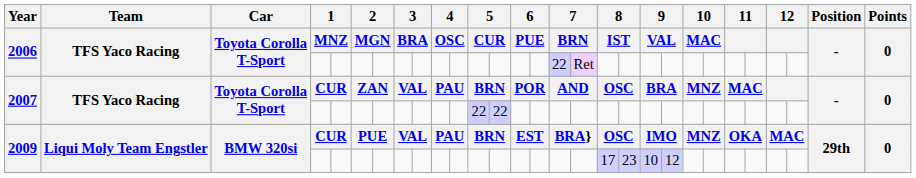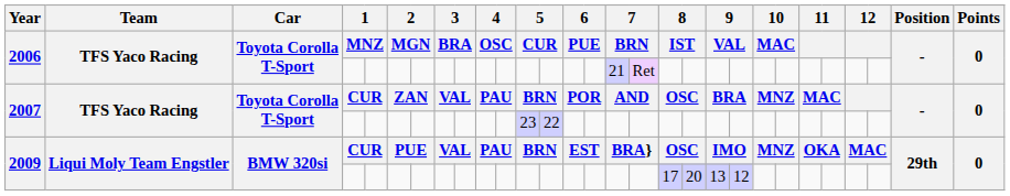 <table class="wikitable" style="text-align:center; font-size:85%">
 <tr>
 <th>Year</th>
 <th>Team</th>
 <th>Car</th>
 <th colspan=2>1</th>
 <th colspan=2>2</th>
 <th colspan=2>3</th>
 <th colspan=2>4</th>
 <th colspan=2>5</th>
 <th colspan=2>6</th>
 <th colspan=2>7</th>
 <th colspan=2>8</th>
 <th colspan=2>9</th>
 <th colspan=2>10</th>
 <th colspan=2>11</th>
 <th colspan=2>12</th>
 <th>Position</th>
 <th>Points</th>
 </tr>
 <tr>
 <th rowspan=2><a href='#'>2006</a></th>
 <th rowspan=2>TFS Yaco Racing</th>
 <th rowspan=2><a href='#'>Toyota Corolla<br>T-Sport</a></th>
 <th colspan=2><a href='#'>MNZ</a></th>
 <th colspan=2><a href='#'>MGN</a></th>
 <th colspan=2><a href='#'>BRA</a></th>
 <th colspan=2><a href='#'>OSC</a></th>
 <th colspan=2><a href='#'>CUR</a></th>
 <th colspan=2><a href='#'>PUE</a></th>
 <th colspan=2><a href='#'>BRN</a></th>
 <th colspan=2><a href='#'>IST</a></th>
 <th colspan=2><a href='#'>VAL</a></th>
 <th colspan=2><a href='#'>MAC</a></th>
 <th colspan=2></th>
 <th colspan=2></th>
 <th rowspan=2>-</th>
 <th rowspan=2>0</th>
 </tr>
 <tr>
 <td></td>
 <td></td>
 <td></td>
 <td></td>
 <td></td>
 <td></td>
 <td></td>
 <td></td>
 <td></td>
 <td></td>
 <td></td>
 <td></td>
-<td style="background:#cfcfff;">22</td>
+<td style="background:#cfcfff;">21</td>
 <td style="background:#efcfff;">Ret</td>
 <td></td>
 <td></td>
 <td></td>
 <td></td>
 <td></td>
 <td></td>
 <td></td>
 <td></td>
 <td></td>
 <td></td>
 </tr>
 <tr>
 <th rowspan=2><a href='#'>2007</a></th>
 <th rowspan=2>TFS Yaco Racing</th>
 <th rowspan=2><a href='#'>Toyota Corolla<br>T-Sport</a></th>
 <th colspan=2><a href='#'>CUR</a></th>
 <th colspan=2><a href='#'>ZAN</a></th>
 <th colspan=2><a href='#'>VAL</a></th>
 <th colspan=2><a href='#'>PAU</a></th>
 <th colspan=2><a href='#'>BRN</a></th>
 <th colspan=2><a href='#'>POR</a></th>
 <th colspan=2><a href='#'>AND</a></th>
 <th colspan=2><a href='#'>OSC</a></th>
 <th colspan=2><a href='#'>BRA</a></th>
 <th colspan=2><a href='#'>MNZ</a></th>
 <th colspan=2><a href='#'>MAC</a></th>
 <th colspan=2></th>
 <th rowspan=2>-</th>
 <th rowspan=2>0</th>
 </tr>
 <tr>
 <td></td>
 <td></td>
 <td></td>
 <td></td>
 <td></td>
 <td></td>
 <td></td>
 <td></td>
-<td style="background:#cfcfff;">22</td>
+<td style="background:#cfcfff;">23</td>
 <td style="background:#cfcfff;">22</td>
 <td></td>
 <td></td>
 <td></td>
 <td></td>
 <td></td>
 <td></td>
 <td></td>
 <td></td>
 <td></td>
 <td></td>
 <td></td>
 <td></td>
 <td></td>
 <td></td>
 </tr>
 <tr>
 <th rowspan=2><a href='#'>2009</a></th>
 <th rowspan=2><a href='#'>Liqui Moly Team Engstler</a></th>
 <th rowspan=2><a href='#'>BMW 320si</a></th>
 <th colspan=2><a href='#'>CUR</a></th>
 <th colspan=2><a href='#'>PUE</a></th>
 <th colspan=2><a href='#'>VAL</a></th>
 <th colspan=2><a href='#'>PAU</a></th>
 <th colspan=2><a href='#'>BRN</a></th>
 <th colspan=2><a href='#'>EST</a></th>
 <th colspan=2><a href='#'>BRA</a>}</th>
 <th colspan=2><a href='#'>OSC</a></th>
 <th colspan=2><a href='#'>IMO</a></th>
 <th colspan=2><a href='#'>MNZ</a></th>
 <th colspan=2><a href='#'>OKA</a></th>
 <th colspan=2><a href='#'>MAC</a></th>
 <th rowspan=2>29th</th>
 <th rowspan=2>0</th>
 </tr>
 <tr>
 <td></td>
 <td></td>
 <td></td>
 <td></td>
 <td></td>
 <td></td>
 <td></td>
 <td></td>
 <td></td>
 <td></td>
 <td></td>
 <td></td>
 <td></td>
 <td></td>
 <td style="background:#cfcfff;">17</td>
-<td style="background:#cfcfff;">23</td>
-<td style="background:#cfcfff;">10</td>
+<td style="background:#cfcfff;">20</td>
+<td style="background:#cfcfff;">13</td>
 <td style="background:#cfcfff;">12</td>
 <td></td>
 <td></td>
 <td></td>
 <td></td>
 <td></td>
 <td></td>
 </tr>
 </table>
